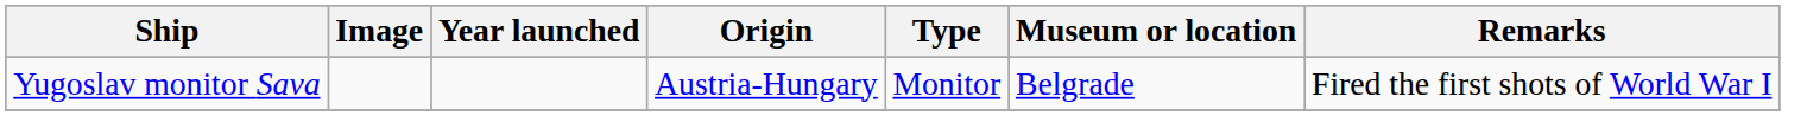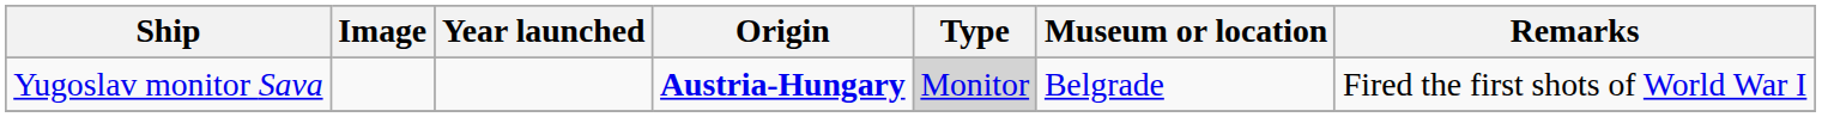 <table class="wikitable sortable">
 <tr>
 <th>Ship</th>
 <th>Image</th>
 <th>Year launched</th>
 <th>Origin</th>
 <th>Type</th>
 <th>Museum or location</th>
 <th>Remarks</th>
 </tr>
 <tr>
 <td data-sort-value=Hidria Segundo><a href='#'>Yugoslav monitor <em>Sava</em></a></td>
 <td></td>
 <td></td>
-<td> <a href='#'>Austria-Hungary</a></td>
-<td><a href='#'>Monitor</a></td>
+<td><strong> <a href='#'>Austria-Hungary</a></strong></td>
+<td style="background: lightgrey;"><a href='#'>Monitor</a></td>
 <td><a href='#'>Belgrade</a></td>
 <td>Fired the first shots of <a href='#'>World War I</a></td>
 </tr>
 <tr>
 </tr>
 </table>
